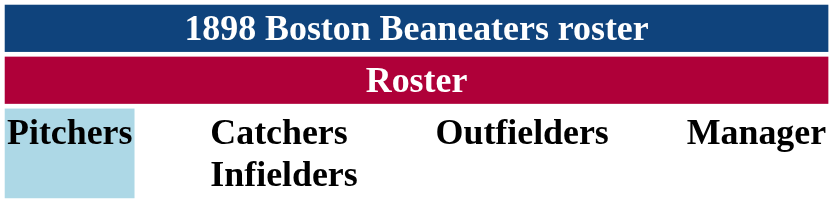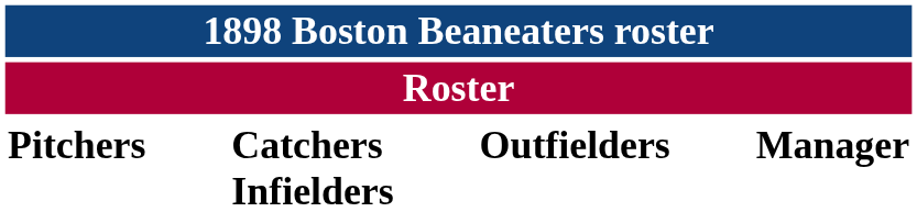 <table class="toccolours" style="font-size: 95%;">
 <tr>
 <th colspan="10" style="background-color: #0f437c; color: white; text-align: center;">1898 Boston Beaneaters roster</th>
 </tr>
 <tr>
 <td colspan="10" style="background-color: #af0039; color: white; text-align: center;"><strong>Roster</strong></td>
 </tr>
 <tr>
-<td valign="top" style="background: lightblue;"><strong>Pitchers</strong><br>    </td>
+<td valign="top"><strong>Pitchers</strong><br>    </td>
 <td width="25px"></td>
 <td valign="top"><strong>Catchers</strong><br>   <strong>Infielders</strong>      </td>
 <td width="25px"></td>
 <td valign="top"><strong>Outfielders</strong><br>       </td>
 <td width="25px"></td>
 <td valign="top"><strong>Manager</strong><br></td>
 </tr>
 </table>
